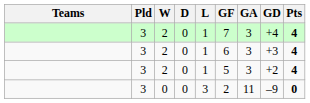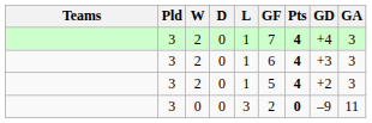 <table class="wikitable" style="text-align: center;">
 <tr>
 <th width=165>Teams</th>
 <th width=20>Pld</th>
 <th width=20>W</th>
 <th width=20>D</th>
 <th width=20>L</th>
 <th width=20>GF</th>
+<th width=20>Pts</th>
+<th width=20>GD</th>
 <th width=20>GA</th>
-<th width=20>GD</th>
-<th width=20>Pts</th>
 </tr>
 <tr align=center style="background:#ccffcc;">
 <td style="text-align:left;"></td>
 <td>3</td>
 <td>2</td>
 <td>0</td>
 <td>1</td>
 <td>7</td>
+<td><strong>4</strong></td>
+<td>+4</td>
 <td>3</td>
-<td>+4</td>
-<td><strong>4</strong></td>
 </tr>
 <tr align=center>
 <td style="text-align:left;"></td>
 <td>3</td>
 <td>2</td>
 <td>0</td>
 <td>1</td>
 <td>6</td>
+<td><strong>4</strong></td>
+<td>+3</td>
 <td>3</td>
-<td>+3</td>
-<td><strong>4</strong></td>
 </tr>
 <tr align=center>
 <td style="text-align:left;"></td>
 <td>3</td>
 <td>2</td>
 <td>0</td>
 <td>1</td>
 <td>5</td>
+<td><strong>4</strong></td>
+<td>+2</td>
 <td>3</td>
-<td>+2</td>
-<td><strong>4</strong></td>
 </tr>
 <tr align=center>
 <td style="text-align:left;"></td>
 <td>3</td>
 <td>0</td>
 <td>0</td>
 <td>3</td>
 <td>2</td>
+<td><strong>0</strong></td>
+<td>–9</td>
 <td>11</td>
-<td>–9</td>
-<td><strong>0</strong></td>
 </tr>
 </table>
